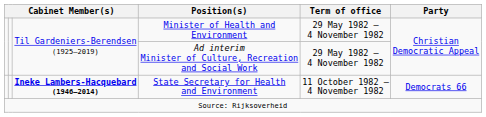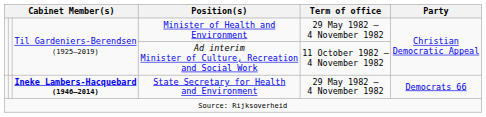 <table class="wikitable" style="text-align:center">
 <tr>
 <th colspan=3>Cabinet Member(s)</th>
 <th>Position(s)</th>
 <th>Term of office</th>
 <th>Party</th>
 </tr>
 <tr>
 <td rowspan=2 style="background:"></td>
 <td rowspan=2></td>
 <td rowspan=2><a href='#'>Til Gardeniers-Berendsen</a> <br> <small>(1925–2019)</small></td>
 <td><a href='#'>Minister of Health and <br> Environment</a></td>
 <td>29 May 1982 – <br> 4 November 1982</td>
 <td rowspan=2><a href='#'>Christian <br> Democratic Appeal</a></td>
 </tr>
 <tr>
 <td><em>Ad interim</em> <br> <a href='#'>Minister of Culture, Recreation <br> and Social Work</a></td>
-<td>29 May 1982 – <br> 4 November 1982</td>
+<td>11 October 1982 – <br> 4 November 1982</td>
 </tr>
 <tr>
 <td style="background:"></td>
 <td></td>
 <td><strong><a href='#'>Ineke Lambers-Hacquebard</a> <br> <small>(1946–2014)</small></strong></td>
 <td><a href='#'>State Secretary for Health <br> and Environment</a></td>
-<td>11 October 1982 – <br> 4 November 1982</td>
+<td>29 May 1982 – <br> 4 November 1982</td>
 <td><a href='#'>Democrats 66</a></td>
 </tr>
 <tr>
 <td colspan=9><small>Source:   Rijksoverheid</small></td>
 </tr>
 </table>
